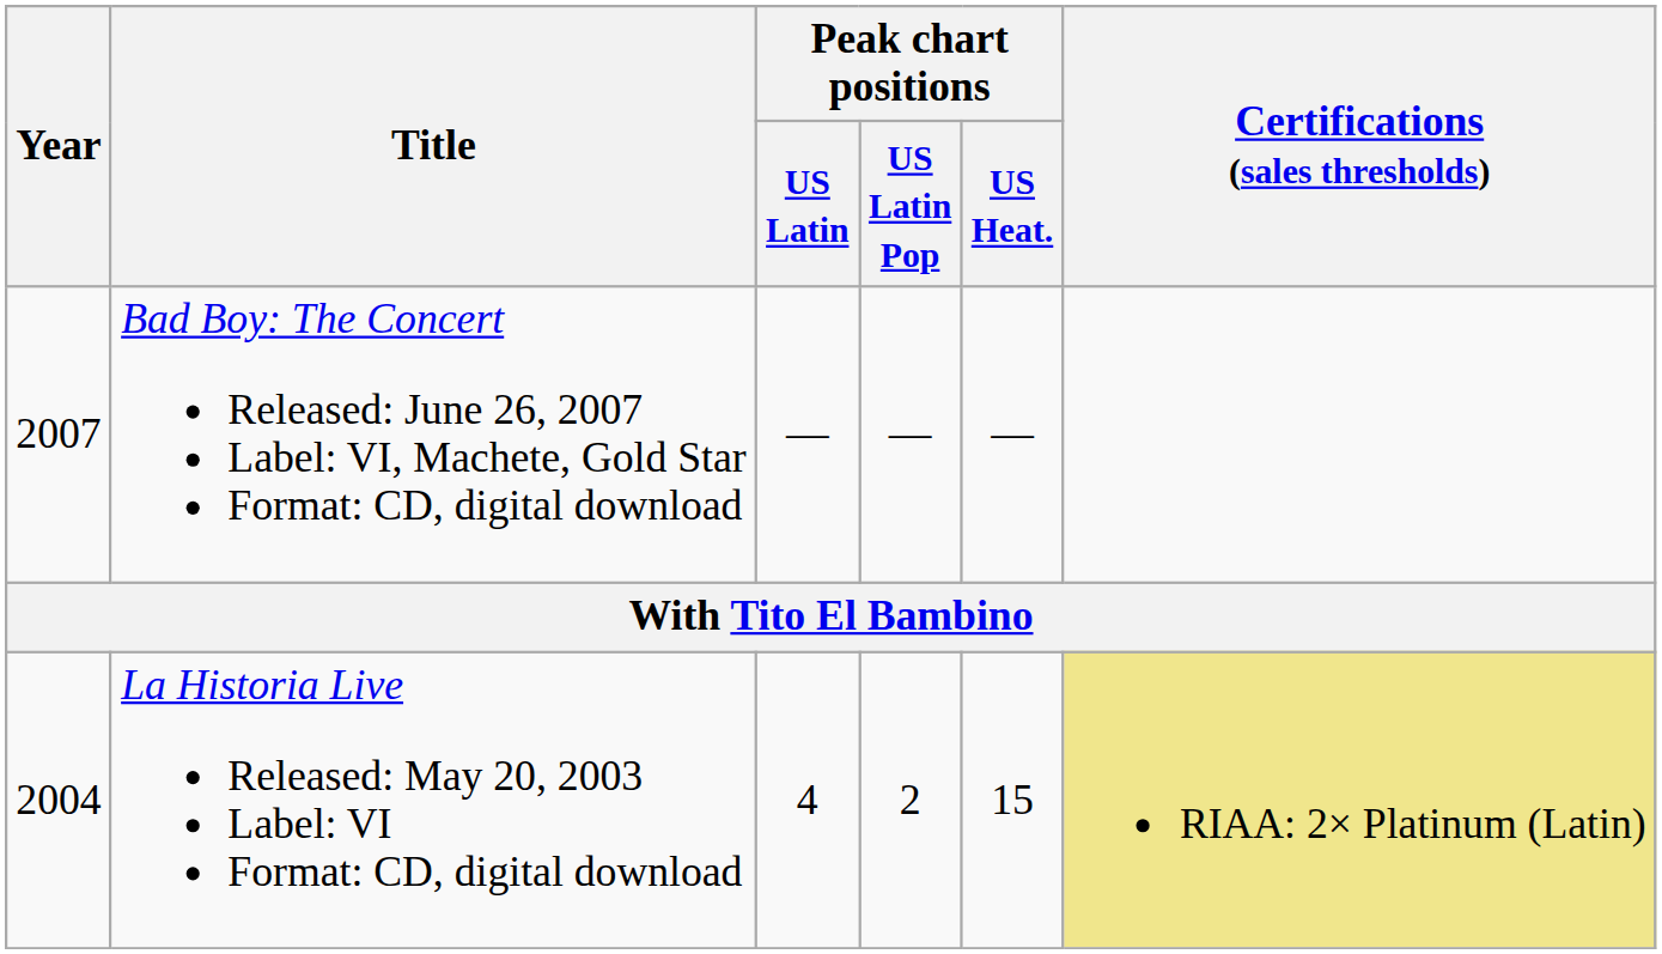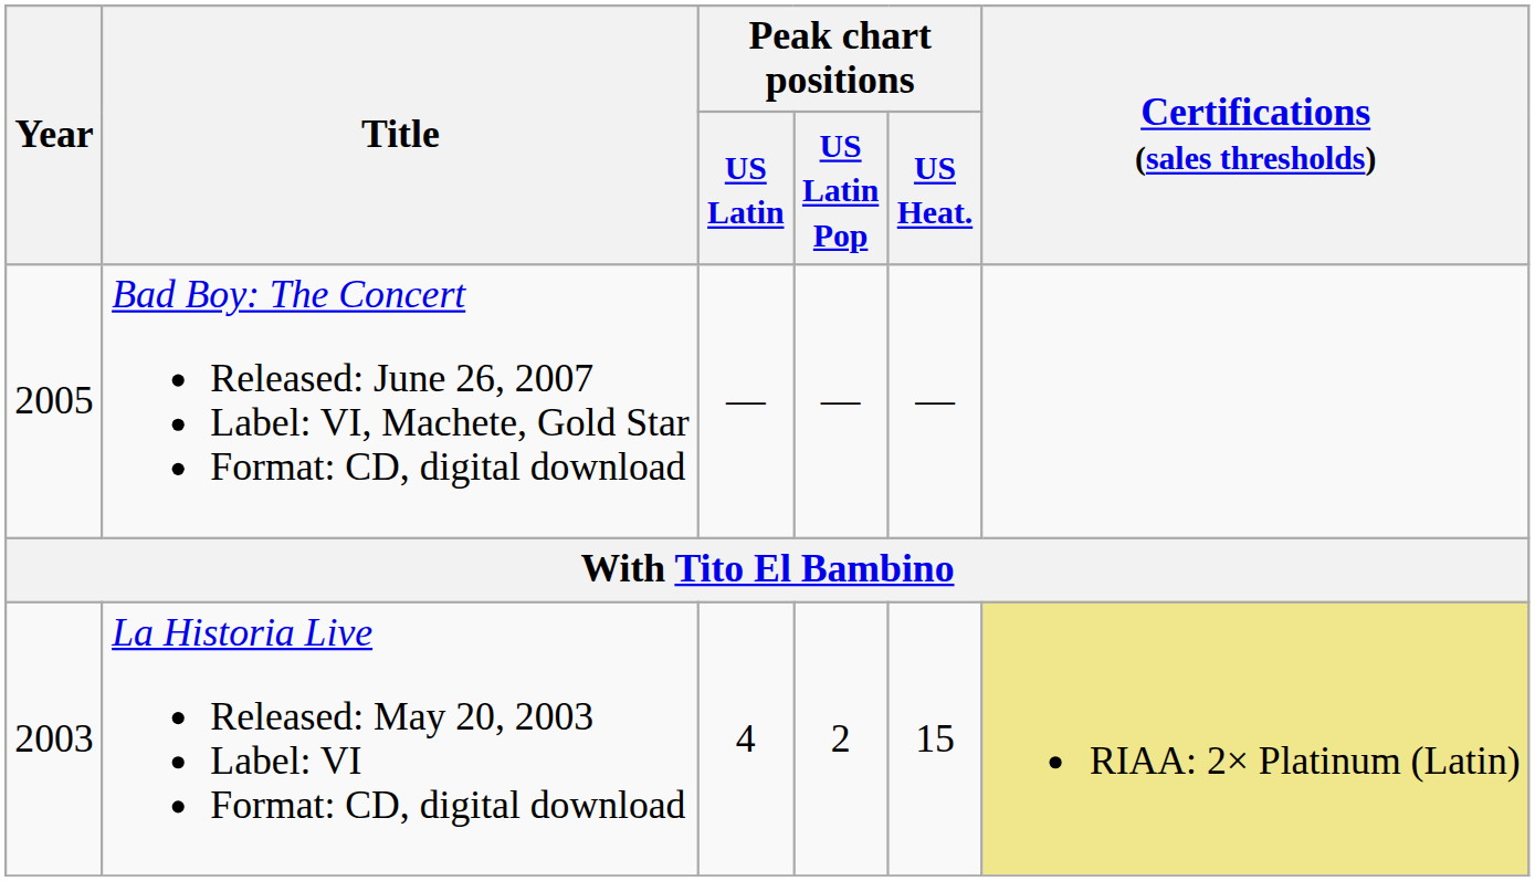 <table class="wikitable">
 <tr>
 <th align="center" rowspan="2">Year</th>
 <th align="center" rowspan="2">Title</th>
 <th colspan="3">Peak chart positions</th>
 <th rowspan="2"><a href='#'>Certifications</a><br><small>(<a href='#'>sales thresholds</a>)</small></th>
 </tr>
 <tr>
 <th width="30"><small><a href='#'>US<br>Latin</a></small><br></th>
 <th width="30"><small><a href='#'>US<br>Latin Pop</a></small><br></th>
 <th width="30"><small><a href='#'>US<br>Heat.</a></small><br></th>
 </tr>
 <tr>
-<td align="center">2007</td>
+<td align="center">2005</td>
 <td><em><a href='#'>Bad Boy: The Concert</a></em><br><ul><li>Released: June 26, 2007</li><li>Label: VI, Machete, Gold Star</li><li>Format: CD, digital download</li></ul></td>
 <td align="center">—</td>
 <td align="center">—</td>
 <td align="center">—</td>
 <td></td>
 </tr>
 <tr>
 <th colspan="6">With <a href='#'>Tito El Bambino</a></th>
 </tr>
 <tr>
-<td align="center">2004</td>
+<td align="center">2003</td>
 <td><em><a href='#'>La Historia Live</a></em><br><ul><li>Released: May 20, 2003</li><li>Label: VI</li><li>Format: CD, digital download</li></ul></td>
 <td align="center">4</td>
 <td align="center">2</td>
 <td align="center">15</td>
 <td style="background: khaki;"><br><ul><li>RIAA: 2× Platinum (Latin)</li></ul></td>
 </tr>
 </table>
